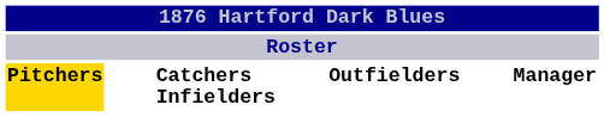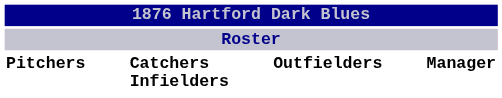 <table class="toccolours" style="font-size: 95%;">
 <tr>
 <th colspan="10" style="background-color: #00008B; color: #C4C3D0; text-align: center;">1876 Hartford Dark Blues</th>
 </tr>
 <tr>
 <td colspan="10" style="background-color: #C4C3D0; color: #00008B; text-align: center;"><strong>Roster</strong></td>
 </tr>
 <tr>
-<td valign="top" style="background: gold;"><strong>Pitchers</strong><br> </td>
+<td valign="top"><strong>Pitchers</strong><br> </td>
 <td width="25px"></td>
 <td valign="top"><strong>Catchers</strong><br>  <strong>Infielders</strong>    </td>
 <td width="25px"></td>
 <td valign="top"><strong>Outfielders</strong><br>   </td>
 <td width="25px"></td>
 <td valign="top"><strong>Manager</strong><br></td>
 </tr>
 </table>
